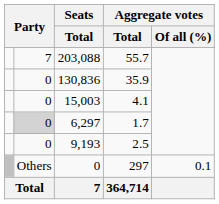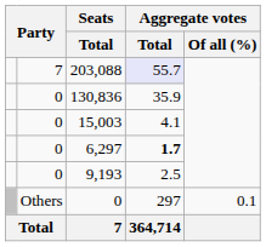 <table class="wikitable" style="text-align:right; font-size:95%;">
 <tr>
 <th colspan="2" rowspan="2">Party</th>
 <th>Seats</th>
 <th colspan="2">Aggregate votes</th>
 </tr>
 <tr>
 <th>Total</th>
 <th>Total</th>
 <th>Of all (%)</th>
 </tr>
 <tr>
 <td></td>
 <td>7</td>
 <td>203,088</td>
-<td>55.7</td>
+<td style="background: lavender;">55.7</td>
 </tr>
 <tr>
 <td></td>
 <td>0</td>
 <td>130,836</td>
 <td>35.9</td>
 </tr>
 <tr>
 <td></td>
 <td>0</td>
 <td>15,003</td>
 <td>4.1</td>
 </tr>
 <tr>
 <td></td>
-<td style="background: lightgrey;">0</td>
+<td>0</td>
 <td>6,297</td>
-<td>1.7</td>
+<td><strong>1.7</strong></td>
 </tr>
 <tr>
 <td></td>
 <td>0</td>
 <td>9,193</td>
 <td>2.5</td>
 </tr>
 <tr>
 <td style="background:silver;"> </td>
 <td align=left>Others</td>
 <td>0</td>
 <td>297</td>
 <td>0.1</td>
 </tr>
 <tr>
 <th colspan="2" style="background:#f2f2f2"><strong>Total</strong></th>
 <td style="background:#f2f2f2;"><strong>7</strong></td>
 <td style="background:#f2f2f2;"><strong>364,714</strong></td>
 <td style="background:#f2f2f2;"></td>
 </tr>
 </table>
